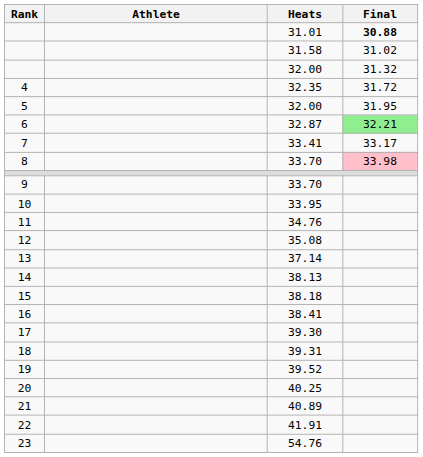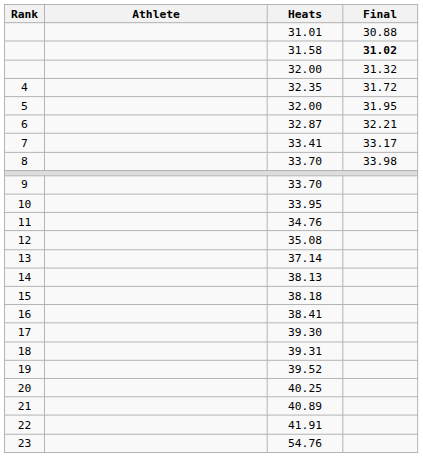 <table class=wikitable style="text-align:center">
 <tr>
 <th width=40>Rank</th>
 <th width=250>Athlete</th>
 <th width=80>Heats</th>
 <th width=80>Final</th>
 </tr>
 <tr>
 <td></td>
 <td align=left></td>
 <td>31.01</td>
-<td><strong>30.88</strong></td>
+<td>30.88</td>
 </tr>
 <tr>
 <td></td>
 <td align=left></td>
 <td>31.58</td>
-<td>31.02</td>
+<td><strong>31.02</strong></td>
 </tr>
 <tr>
 <td></td>
 <td align=left></td>
 <td>32.00</td>
 <td>31.32</td>
 </tr>
 <tr>
 <td>4</td>
 <td align=left></td>
 <td>32.35</td>
 <td>31.72</td>
 </tr>
 <tr>
 <td>5</td>
 <td align=left></td>
 <td>32.00</td>
 <td>31.95</td>
 </tr>
 <tr>
 <td>6</td>
 <td align=left></td>
 <td>32.87</td>
-<td style="background: lightgreen;">32.21</td>
+<td>32.21</td>
 </tr>
 <tr>
 <td>7</td>
 <td align=left></td>
 <td>33.41</td>
 <td>33.17</td>
 </tr>
 <tr>
 <td>8</td>
 <td align=left></td>
 <td>33.70</td>
-<td style="background: pink;">33.98</td>
+<td>33.98</td>
 </tr>
 <tr bgcolor=#DDDDDD>
 <td colspan=4></td>
 </tr>
 <tr>
 <td>9</td>
 <td align=left></td>
 <td>33.70</td>
 <td></td>
 </tr>
 <tr>
 <td>10</td>
 <td align=left></td>
 <td>33.95</td>
 <td></td>
 </tr>
 <tr>
 <td>11</td>
 <td align=left></td>
 <td>34.76</td>
 <td></td>
 </tr>
 <tr>
 <td>12</td>
 <td align=left></td>
 <td>35.08</td>
 <td></td>
 </tr>
 <tr>
 <td>13</td>
 <td align=left></td>
 <td>37.14</td>
 <td></td>
 </tr>
 <tr>
 <td>14</td>
 <td align=left></td>
 <td>38.13</td>
 <td></td>
 </tr>
 <tr>
 <td>15</td>
 <td align=left></td>
 <td>38.18</td>
 <td></td>
 </tr>
 <tr>
 <td>16</td>
 <td align=left></td>
 <td>38.41</td>
 <td></td>
 </tr>
 <tr>
 <td>17</td>
 <td align=left></td>
 <td>39.30</td>
 <td></td>
 </tr>
 <tr>
 <td>18</td>
 <td align=left></td>
 <td>39.31</td>
 <td></td>
 </tr>
 <tr>
 <td>19</td>
 <td align=left></td>
 <td>39.52</td>
 <td></td>
 </tr>
 <tr>
 <td>20</td>
 <td align=left></td>
 <td>40.25</td>
 <td></td>
 </tr>
 <tr>
 <td>21</td>
 <td align=left></td>
 <td>40.89</td>
 <td></td>
 </tr>
 <tr>
 <td>22</td>
 <td align=left></td>
 <td>41.91</td>
 <td></td>
 </tr>
 <tr>
 <td>23</td>
 <td align=left></td>
 <td>54.76</td>
 <td></td>
 </tr>
 </table>
